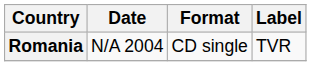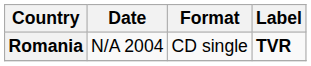 <table class="wikitable plainrowheaders unsortable">
 <tr>
 <th>Country</th>
 <th>Date</th>
 <th>Format</th>
 <th>Label</th>
 </tr>
 <tr>
 <th scope="row">Romania</th>
 <td rowspan="1">N/A 2004</td>
 <td rowspan="1">CD single</td>
-<td rowspan="1">TVR</td>
+<td rowspan="1"><strong>TVR</strong></td>
 </tr>
 <tr>
 </tr>
 </table>
